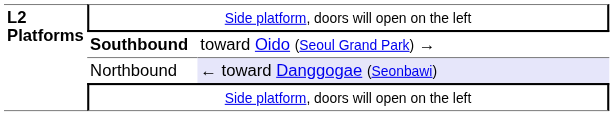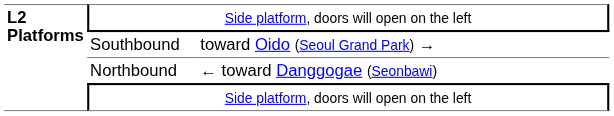 <table table border=0 cellspacing=0 cellpadding=3>
 <tr>
 <td style="border-top:solid 1px gray;border-bottom:solid 1px gray;" width=50 rowspan=10 valign=top><strong>L2<br>Platforms</strong></td>
 <td style="border-top:solid 1px gray;border-right:solid 2px black;border-left:solid 2px black;border-bottom:solid 2px black;text-align:center;" colspan=2><small><a href='#'>Side platform</a>, doors will open on the left</small></td>
 </tr>
 <tr>
-<td><strong>Southbound</strong></td>
+<td>Southbound</td>
 <td>  toward <a href='#'>Oido</a> <small>(<a href='#'>Seoul Grand Park</a>)</small> →</td>
 </tr>
 <tr>
 <td style="border-bottom:solid 0px gray;border-top:solid 1px gray;" width=100>Northbound</td>
-<td style="background: lavender; border-bottom:solid 0px gray;border-top:solid 1px gray;" width=390>←  toward <a href='#'>Danggogae</a> <small>(<a href='#'>Seonbawi</a>)</small></td>
+<td style="border-bottom:solid 0px gray;border-top:solid 1px gray;" width=390>←  toward <a href='#'>Danggogae</a> <small>(<a href='#'>Seonbawi</a>)</small></td>
 </tr>
 <tr>
 <td style="border-top:solid 2px black;border-right:solid 2px black;border-left:solid 2px black;border-bottom:solid 1px gray;text-align:center;" colspan=2><small><a href='#'>Side platform</a>, doors will open on the left</small></td>
 </tr>
 </table>
